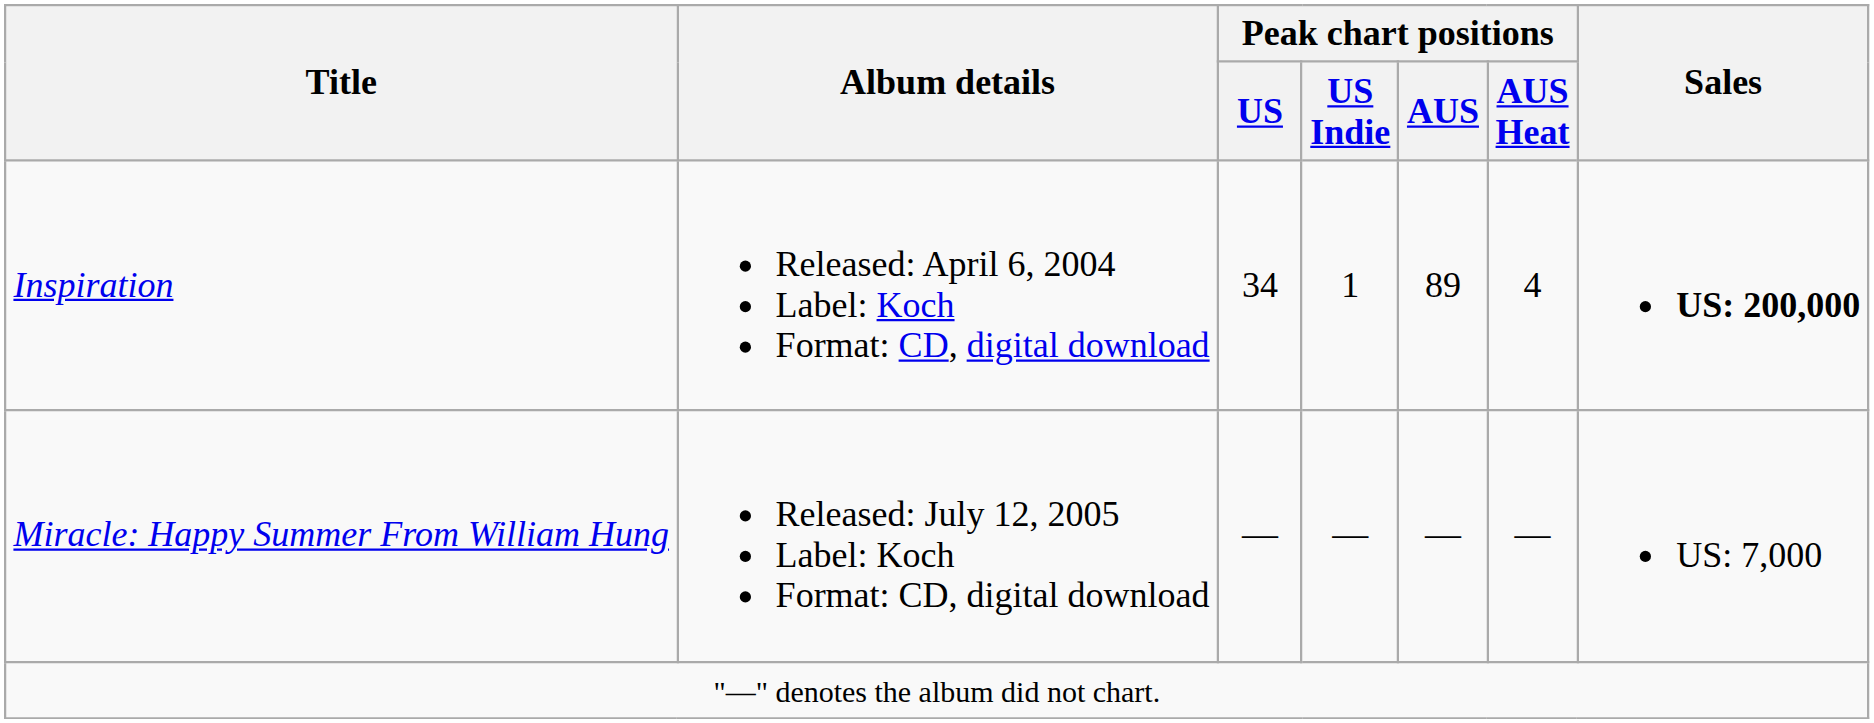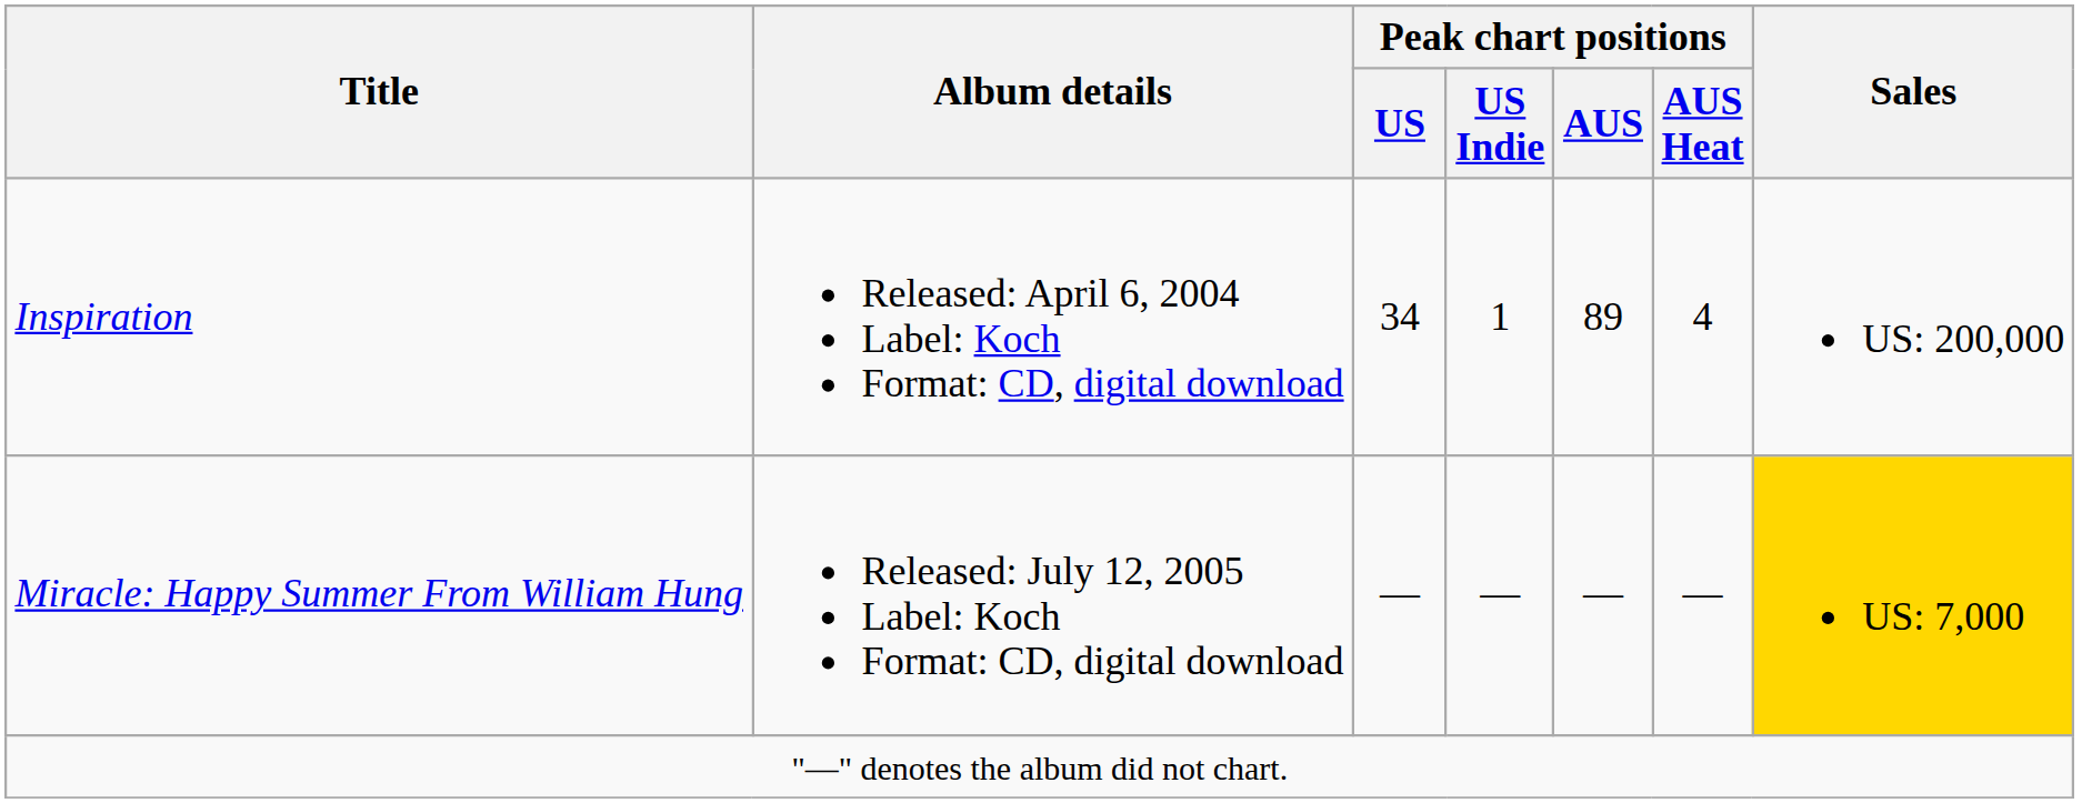 <table class="wikitable">
 <tr>
 <th rowspan="2">Title</th>
 <th rowspan="2">Album details</th>
 <th colspan="4">Peak chart positions</th>
 <th rowspan="2">Sales</th>
 </tr>
 <tr>
 <th style="width:30px;"><a href='#'>US</a><br></th>
 <th style="width:30px;"><a href='#'>US<br>Indie</a><br></th>
 <th style="width:30px;"><a href='#'>AUS</a><br></th>
 <th style="width:30px;"><a href='#'>AUS Heat</a><br></th>
 </tr>
 <tr>
 <td><em><a href='#'>Inspiration</a></em></td>
 <td><br><ul><li>Released: April 6, 2004</li><li>Label: <a href='#'>Koch</a></li><li>Format: <a href='#'>CD</a>, <a href='#'>digital download</a></li></ul></td>
 <td style="text-align:center;">34</td>
 <td style="text-align:center;">1</td>
 <td style="text-align:center;">89</td>
 <td style="text-align:center;">4</td>
-<td><strong><br><ul><li>US: 200,000</li></ul></strong></td>
+<td><br><ul><li>US: 200,000</li></ul></td>
 </tr>
 <tr>
 <td><em><a href='#'>Miracle: Happy Summer From William Hung</a></em></td>
 <td><br><ul><li>Released: July 12, 2005</li><li>Label: Koch</li><li>Format: CD, digital download</li></ul></td>
 <td style="text-align:center;">—</td>
 <td style="text-align:center;">—</td>
 <td style="text-align:center;">—</td>
 <td style="text-align:center;">—</td>
-<td><br><ul><li>US: 7,000</li></ul></td>
+<td style="background: gold;"><br><ul><li>US: 7,000</li></ul></td>
 </tr>
 <tr>
 <td style="text-align:center;" colspan="10"><small>"—" denotes the album did not chart.</small></td>
 </tr>
 </table>
